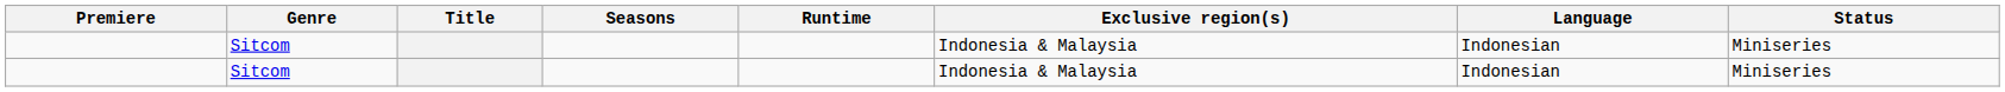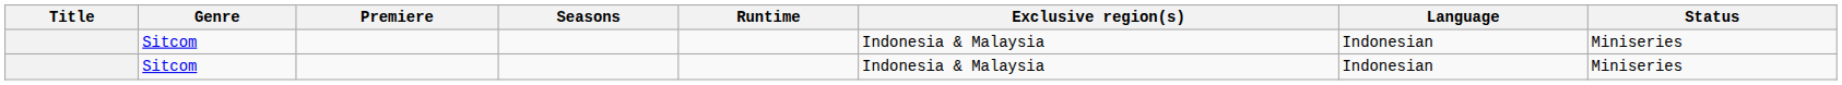 <table class="wikitable plainrowheaders sortable" style="width:99%;">
 <tr>
+<th>Title</th>
+<th>Genre</th>
 <th>Premiere</th>
-<th>Genre</th>
-<th>Title</th>
 <th>Seasons</th>
 <th>Runtime</th>
 <th>Exclusive region(s)</th>
 <th>Language</th>
 <th>Status</th>
 </tr>
 <tr>
+<th scope="row"><em></em></th>
+<td><a href='#'>Sitcom</a></td>
 <td></td>
-<td><a href='#'>Sitcom</a></td>
-<th scope="row"><em></em></th>
 <td></td>
 <td></td>
 <td>Indonesia & Malaysia</td>
 <td>Indonesian</td>
 <td>Miniseries</td>
 </tr>
 <tr>
+<th scope="row"><em></em></th>
+<td><a href='#'>Sitcom</a></td>
 <td></td>
-<td><a href='#'>Sitcom</a></td>
-<th scope="row"><em></em></th>
 <td></td>
 <td></td>
 <td>Indonesia & Malaysia</td>
 <td>Indonesian</td>
 <td>Miniseries</td>
 </tr>
 </table>
